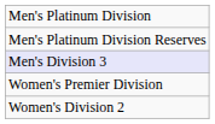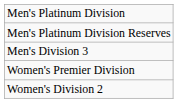 <table class="wikitable">
 <tr>
 <td>Men's Platinum Division</td>
 </tr>
 <tr>
 <td>Men's Platinum Division Reserves</td>
 </tr>
 <tr>
-<td style="background: lavender;">Men's Division 3</td>
+<td>Men's Division 3</td>
 </tr>
 <tr>
 <td>Women's Premier Division</td>
 </tr>
 <tr>
 <td>Women's Division 2</td>
 </tr>
 </table>
